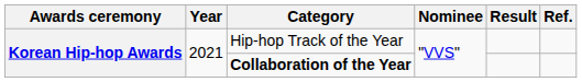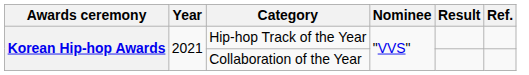 <table class="wikitable plainrowheaders">
 <tr>
 <th>Awards ceremony</th>
 <th>Year</th>
 <th>Category</th>
 <th>Nominee</th>
 <th>Result</th>
 <th>Ref.</th>
 </tr>
 <tr>
 <th scope="row" rowspan="2"><a href='#'>Korean Hip-hop Awards</a></th>
 <td rowspan="2">2021</td>
 <td>Hip-hop Track of the Year</td>
 <td rowspan="2" ! scope="row">"<a href='#'>VVS</a>"</td>
 <td></td>
 <td align="center"></td>
 </tr>
 <tr>
-<td><strong>Collaboration of the Year</strong></td>
+<td>Collaboration of the Year</td>
 <td></td>
 <td align="center"></td>
 </tr>
 </table>
